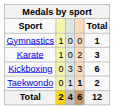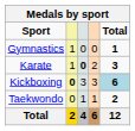 <table class="wikitable" style="font-size:85%">
 <tr style="background:#efefef;">
 <th colspan=7>Medals by sport</th>
 </tr>
 <tr align=center>
 <td><strong>Sport</strong></td>
 <td bgcolor=#f7f6a8></td>
 <td bgcolor=#dce5e5></td>
 <td bgcolor=#ffdab9></td>
 <td><strong>Total</strong></td>
 </tr>
 <tr align=center>
 <td><a href='#'>Gymnastics</a></td>
 <td style="background:#F7F6A8;">1</td>
 <td style="background:#DCE5E5;">0</td>
 <td style="background:#FFDAB9;">0</td>
 <td><strong>1</strong></td>
 </tr>
 <tr align=center>
 <td><a href='#'>Karate</a></td>
 <td style="background:#F7F6A8;">1</td>
-<td style="background:#DCE5E5;">0</td>
+<td style="background:#DCE5E5;"><strong>0</strong></td>
 <td style="background:#FFDAB9;">2</td>
 <td><strong>3</strong></td>
 </tr>
 <tr align=center>
 <td><a href='#'>Kickboxing</a></td>
-<td style="background:#F7F6A8;">0</td>
+<td style="background:#F7F6A8;"><strong>0</strong></td>
 <td style="background:#DCE5E5;">3</td>
 <td style="background:#FFDAB9;">3</td>
-<td><strong>6</strong></td>
+<td style="background: lightblue;"><strong>6</strong></td>
 </tr>
 <tr align=center>
 <td><a href='#'>Taekwondo</a></td>
 <td style="background:#F7F6A8;">0</td>
 <td style="background:#DCE5E5;">1</td>
-<td style="background:#FFDAB9;"><strong>1</strong></td>
+<td style="background:#FFDAB9;">1</td>
 <td><strong>2</strong></td>
 </tr>
 <tr align=center>
 <th>Total</th>
 <th style="background:gold;">2</th>
 <th style="background:silver;">4</th>
 <th style="background:#c96;">6</th>
 <th>12</th>
 </tr>
 </table>
